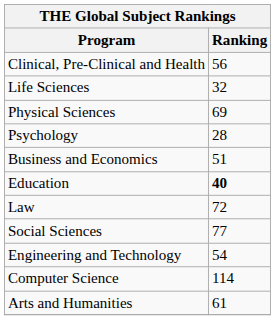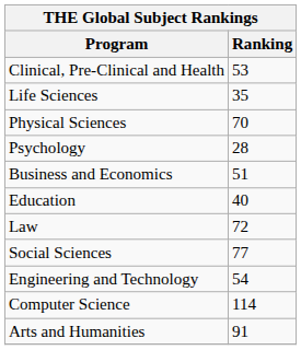 <table class="wikitable collapsible collapsed floatright" "text-align:center">
 <tr>
 <th colspan=4>THE Global Subject Rankings</th>
 </tr>
 <tr>
 <th>Program</th>
 <th>Ranking</th>
 </tr>
 <tr>
 <td>Clinical, Pre-Clinical and Health</td>
-<td>56</td>
+<td>53</td>
 </tr>
 <tr>
 <td>Life Sciences</td>
-<td>32</td>
+<td>35</td>
 </tr>
 <tr>
 <td>Physical Sciences</td>
-<td>69</td>
+<td>70</td>
 </tr>
 <tr>
 <td>Psychology</td>
 <td>28</td>
 </tr>
 <tr>
 <td>Business and Economics</td>
 <td>51</td>
 </tr>
 <tr>
 <td>Education</td>
-<td><strong>40</strong></td>
+<td>40</td>
 </tr>
 <tr>
 <td>Law</td>
 <td>72</td>
 </tr>
 <tr>
 <td>Social Sciences</td>
 <td>77</td>
 </tr>
 <tr>
 <td>Engineering and Technology</td>
 <td>54</td>
 </tr>
 <tr>
 <td>Computer Science</td>
 <td>114</td>
 </tr>
 <tr>
 <td>Arts and Humanities</td>
-<td>61</td>
+<td>91</td>
 </tr>
 <tr>
 </tr>
 </table>
